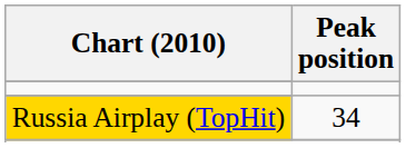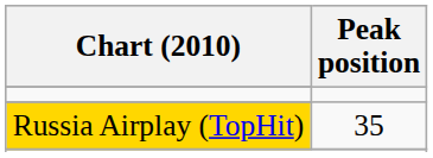 <table class="wikitable sortable">
 <tr>
 <th>Chart (2010)</th>
 <th>Peak<br>position</th>
 </tr>
 <tr>
 </tr>
 <tr>
 </tr>
 <tr>
 </tr>
 <tr>
 </tr>
 <tr>
 <td></td>
 </tr>
 <tr>
 </tr>
 <tr>
 </tr>
 <tr>
 </tr>
 <tr>
 </tr>
 <tr>
 <td style="background: gold;">Russia Airplay (<a href='#'>TopHit</a>)</td>
-<td style="text-align:center;">34</td>
+<td style="text-align:center;">35</td>
 </tr>
 <tr>
 </tr>
 <tr>
 </tr>
 <tr>
 </tr>
 </table>
